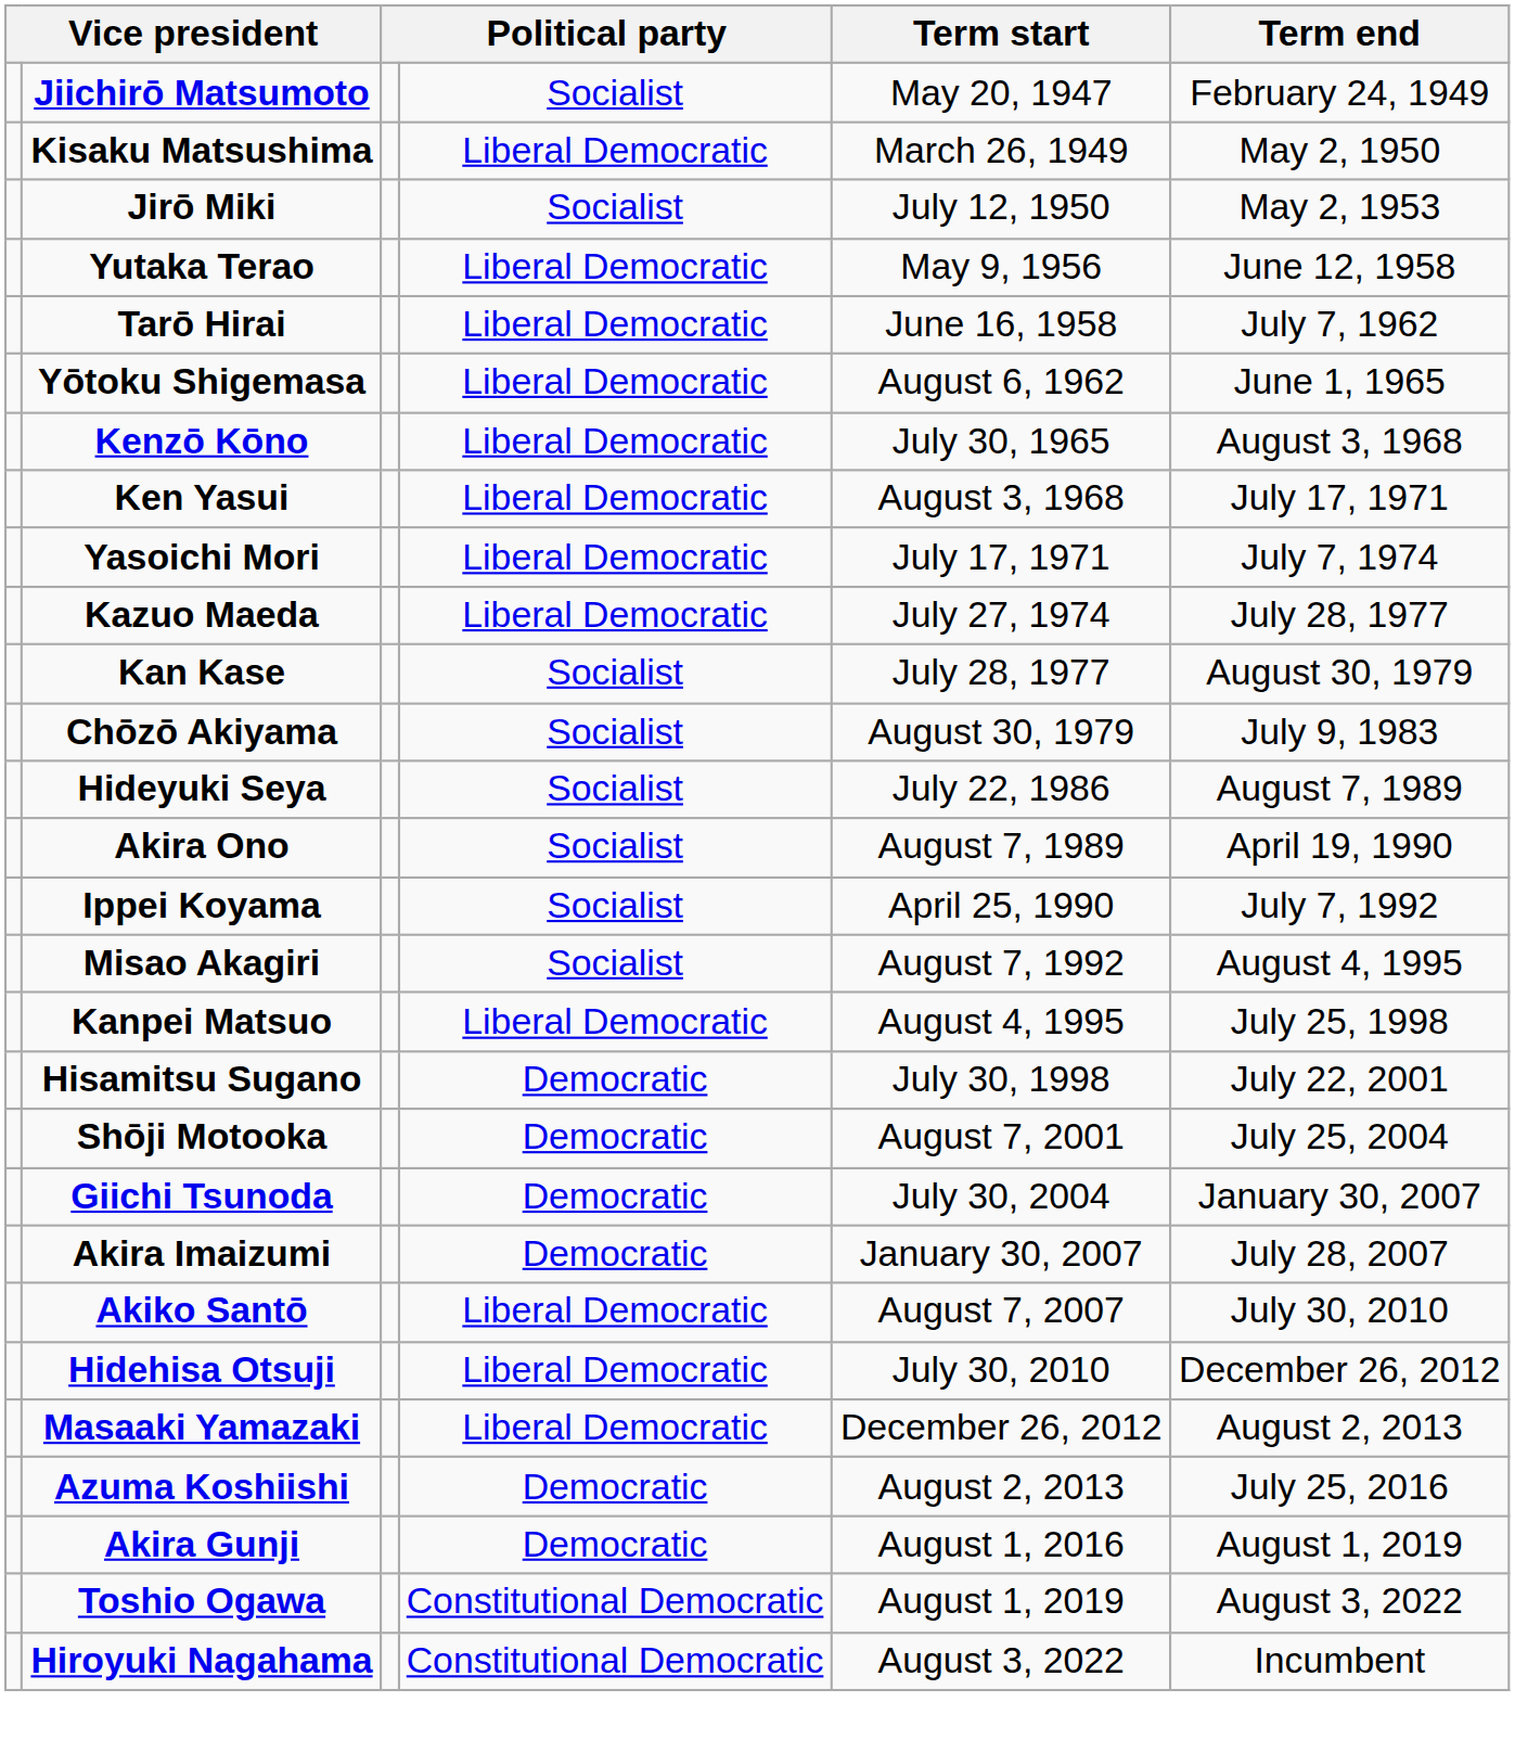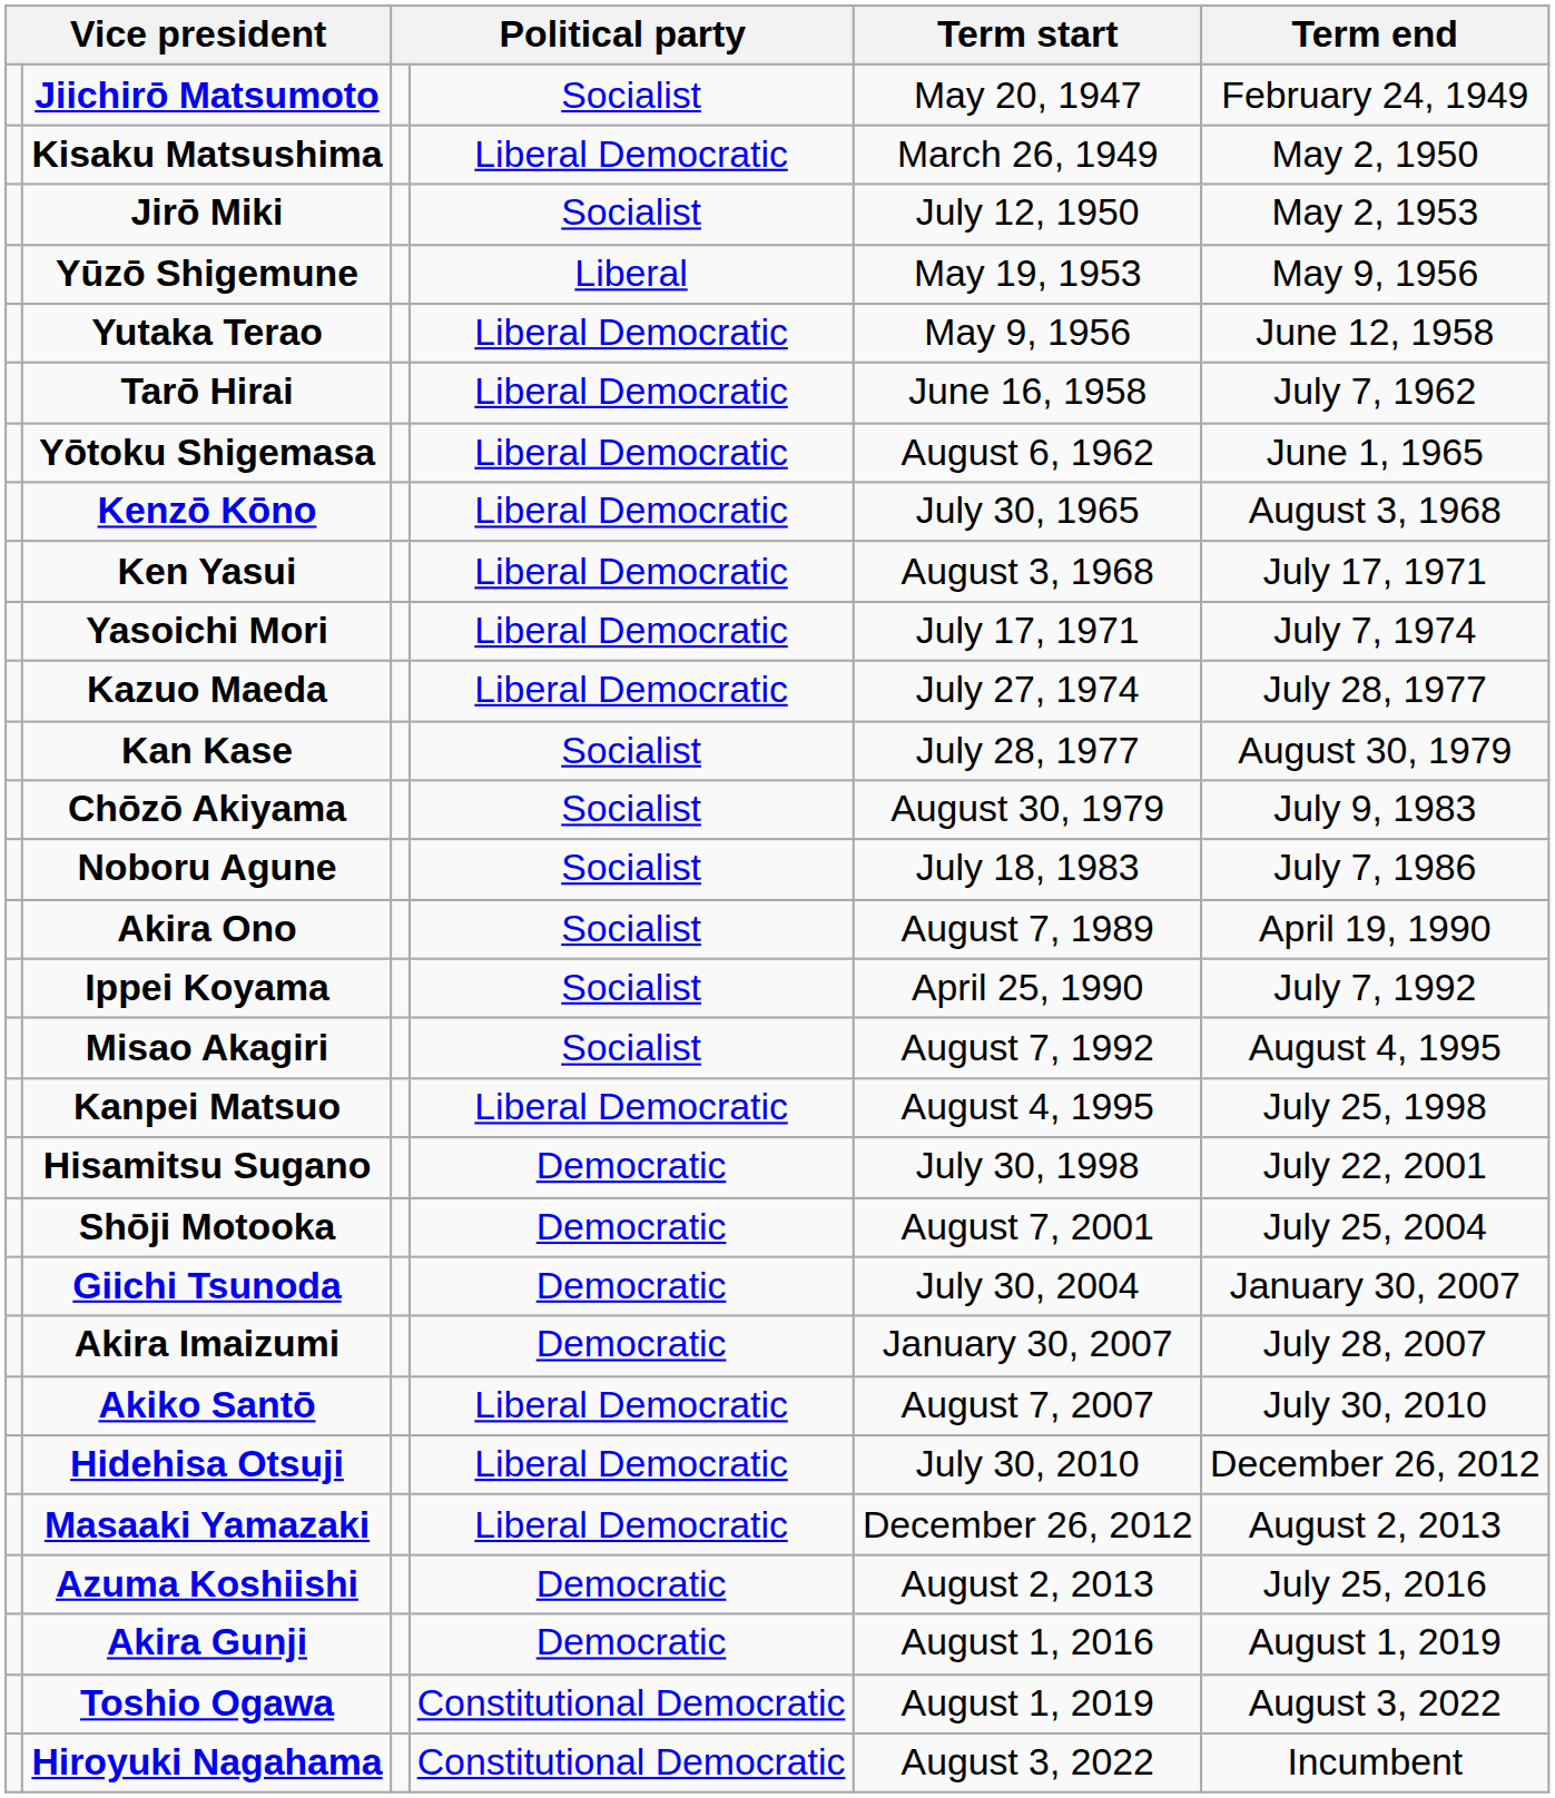 <table class="wikitable" style="text-align:center; border:1px #AAAAFF solid">
 <tr>
 <th colspan="2" width="0" align="center">Vice president</th>
 <th colspan="2" width="0" align="center">Political party</th>
 <th width="0" align="center">Term start</th>
 <th>Term end</th>
 </tr>
 <tr>
 <td></td>
 <td><strong><a href='#'>Jiichirō Matsumoto</a></strong><br></td>
 <td style="background:"></td>
 <td><a href='#'>Socialist</a></td>
 <td>May 20, 1947</td>
 <td>February 24, 1949</td>
 </tr>
 <tr>
 <td></td>
 <td><strong>Kisaku Matsushima</strong><br></td>
 <td style="background:"></td>
 <td><a href='#'>Liberal Democratic</a></td>
 <td>March 26, 1949</td>
 <td>May 2, 1950</td>
 </tr>
 <tr>
 <td></td>
 <td><strong>Jirō Miki</strong><br></td>
 <td style="background:"></td>
 <td><a href='#'>Socialist</a></td>
 <td>July 12, 1950</td>
 <td>May 2, 1953</td>
+</tr>
+<tr>
+<td></td>
+<td><strong>Yūzō Shigemune</strong><br></td>
+<td style="background:"></td>
+<td><a href='#'>Liberal</a></td>
+<td>May 19, 1953</td>
+<td>May 9, 1956</td>
 </tr>
 <tr>
 <td></td>
 <td><strong>Yutaka Terao</strong><br></td>
 <td style="background:"></td>
 <td><a href='#'>Liberal Democratic</a></td>
 <td>May 9, 1956</td>
 <td>June 12, 1958</td>
 </tr>
 <tr>
 <td></td>
 <td><strong>Tarō Hirai</strong><br></td>
 <td style="background:"></td>
 <td><a href='#'>Liberal Democratic</a></td>
 <td>June 16, 1958</td>
 <td>July 7, 1962</td>
 </tr>
 <tr>
 <td></td>
 <td><strong>Yōtoku Shigemasa</strong> <br></td>
 <td style="background:"></td>
 <td><a href='#'>Liberal Democratic</a></td>
 <td>August 6, 1962</td>
 <td>June 1, 1965</td>
 </tr>
 <tr>
 <td></td>
 <td><strong><a href='#'>Kenzō Kōno</a></strong><br></td>
 <td style="background:"></td>
 <td><a href='#'>Liberal Democratic</a></td>
 <td>July 30, 1965</td>
 <td>August 3, 1968</td>
 </tr>
 <tr>
 <td></td>
 <td><strong>Ken Yasui</strong><br></td>
 <td style="background:"></td>
 <td><a href='#'>Liberal Democratic</a></td>
 <td>August 3, 1968</td>
 <td>July 17, 1971</td>
 </tr>
 <tr>
 <td></td>
 <td><strong>Yasoichi Mori</strong><br></td>
 <td style="background:"></td>
 <td><a href='#'>Liberal Democratic</a></td>
 <td>July 17, 1971</td>
 <td>July 7, 1974</td>
 </tr>
 <tr>
 <td></td>
 <td><strong>Kazuo Maeda</strong><br></td>
 <td style="background:"></td>
 <td><a href='#'>Liberal Democratic</a></td>
 <td>July 27, 1974</td>
 <td>July 28, 1977</td>
 </tr>
 <tr>
 <td></td>
 <td><strong>Kan Kase</strong><br></td>
 <td style="background:"></td>
 <td><a href='#'>Socialist</a></td>
 <td>July 28, 1977</td>
 <td>August 30, 1979</td>
 </tr>
 <tr>
 <td></td>
 <td><strong>Chōzō Akiyama</strong><br></td>
 <td style="background:"></td>
 <td><a href='#'>Socialist</a></td>
 <td>August 30, 1979</td>
 <td>July 9, 1983</td>
 </tr>
 <tr>
 <td></td>
-<td><strong>Hideyuki Seya</strong><br></td>
+<td><strong>Noboru Agune</strong><br></td>
 <td style="background:"></td>
 <td><a href='#'>Socialist</a></td>
-<td>July 22, 1986</td>
-<td>August 7, 1989</td>
+<td>July 18, 1983</td>
+<td>July 7, 1986</td>
 </tr>
 <tr>
 <td></td>
 <td><strong>Akira Ono</strong><br></td>
 <td style="background:"></td>
 <td><a href='#'>Socialist</a></td>
 <td>August 7, 1989</td>
 <td>April 19, 1990</td>
 </tr>
 <tr>
 <td></td>
 <td><strong>Ippei Koyama</strong><br></td>
 <td style="background:"></td>
 <td><a href='#'>Socialist</a></td>
 <td>April 25, 1990</td>
 <td>July 7, 1992</td>
 </tr>
 <tr>
 <td></td>
 <td><strong>Misao Akagiri</strong><br></td>
 <td style="background:"></td>
 <td><a href='#'>Socialist</a></td>
 <td>August 7, 1992</td>
 <td>August 4, 1995</td>
 </tr>
 <tr>
 <td></td>
 <td><strong>Kanpei Matsuo</strong><br></td>
 <td style="background:"></td>
 <td><a href='#'>Liberal Democratic</a></td>
 <td>August 4, 1995</td>
 <td>July 25, 1998</td>
 </tr>
 <tr>
 <td></td>
 <td><strong>Hisamitsu Sugano</strong><br></td>
 <td style="background:"></td>
 <td><a href='#'>Democratic</a></td>
 <td>July 30, 1998</td>
 <td>July 22, 2001</td>
 </tr>
 <tr>
 <td></td>
 <td><strong>Shōji Motooka</strong><br></td>
 <td style="background:"></td>
 <td><a href='#'>Democratic</a></td>
 <td>August 7, 2001</td>
 <td>July 25, 2004</td>
 </tr>
 <tr>
 <td></td>
 <td><strong><a href='#'>Giichi Tsunoda</a></strong><br></td>
 <td style="background:"></td>
 <td><a href='#'>Democratic</a></td>
 <td>July 30, 2004</td>
 <td>January 30, 2007</td>
 </tr>
 <tr>
 <td></td>
 <td><strong>Akira Imaizumi</strong><br></td>
 <td style="background:"></td>
 <td><a href='#'>Democratic</a></td>
 <td>January 30, 2007</td>
 <td>July 28, 2007</td>
 </tr>
 <tr>
 <td></td>
 <td><strong><a href='#'>Akiko Santō</a></strong><br></td>
 <td style="background:"></td>
 <td><a href='#'>Liberal Democratic</a></td>
 <td>August 7, 2007</td>
 <td>July 30, 2010</td>
 </tr>
 <tr>
 <td></td>
 <td><strong><a href='#'>Hidehisa Otsuji</a></strong><br></td>
 <td style="background:"></td>
 <td><a href='#'>Liberal Democratic</a></td>
 <td>July 30, 2010</td>
 <td>December 26, 2012</td>
 </tr>
 <tr>
 <td></td>
 <td><strong><a href='#'>Masaaki Yamazaki</a></strong><br></td>
 <td style="background:"></td>
 <td><a href='#'>Liberal Democratic</a></td>
 <td>December 26, 2012</td>
 <td>August 2, 2013</td>
 </tr>
 <tr>
 <td></td>
 <td><strong><a href='#'>Azuma Koshiishi</a></strong><br></td>
 <td style="background:"></td>
 <td><a href='#'>Democratic</a></td>
 <td>August 2, 2013</td>
 <td>July 25, 2016</td>
 </tr>
 <tr>
 <td></td>
 <td><strong><a href='#'>Akira Gunji</a></strong><br></td>
 <td style="background:"></td>
 <td><a href='#'>Democratic</a></td>
 <td>August 1, 2016</td>
 <td>August 1, 2019</td>
 </tr>
 <tr>
 <td></td>
 <td><strong><a href='#'>Toshio Ogawa</a></strong><br></td>
 <td style="background:"></td>
 <td><a href='#'>Constitutional Democratic</a></td>
 <td>August 1, 2019</td>
 <td>August 3, 2022</td>
 </tr>
 <tr>
 <td></td>
 <td><strong><a href='#'>Hiroyuki Nagahama</a></strong><br></td>
 <td style="background:"></td>
 <td><a href='#'>Constitutional Democratic</a></td>
 <td>August 3, 2022</td>
 <td>Incumbent</td>
 </tr>
 </table>
